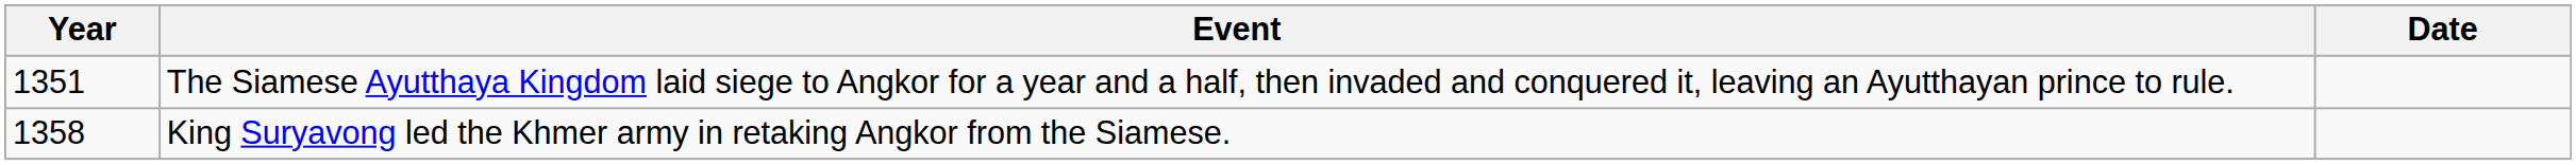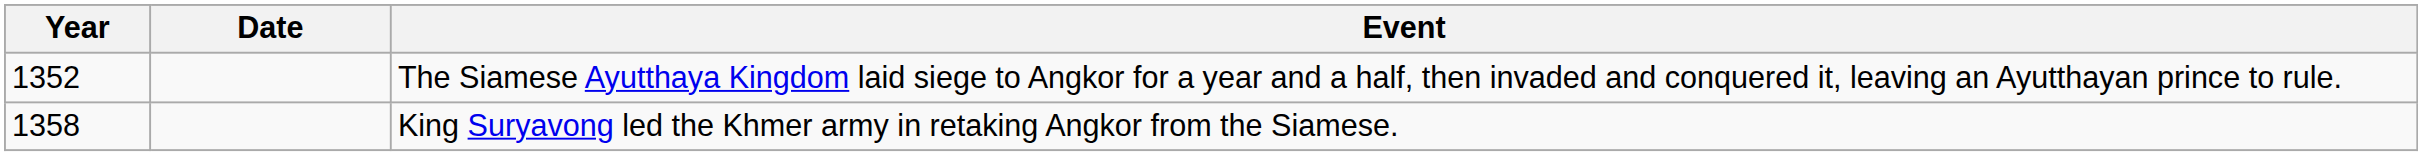 <table class="wikitable" width="100%">
 <tr>
 <th style="width:6%">Year</th>
+<th style="width:10%">Date</th>
 <th>Event</th>
-<th style="width:10%">Date</th>
 </tr>
 <tr>
-<td>1351</td>
+<td>1352</td>
+<td></td>
 <td>The Siamese <a href='#'>Ayutthaya Kingdom</a> laid siege to Angkor for a year and a half, then invaded and conquered it, leaving an Ayutthayan prince to rule.</td>
-<td></td>
 </tr>
 <tr>
 <td>1358</td>
+<td></td>
 <td>King <a href='#'>Suryavong</a> led the Khmer army in retaking Angkor from the Siamese.</td>
-<td></td>
 </tr>
 </table>
